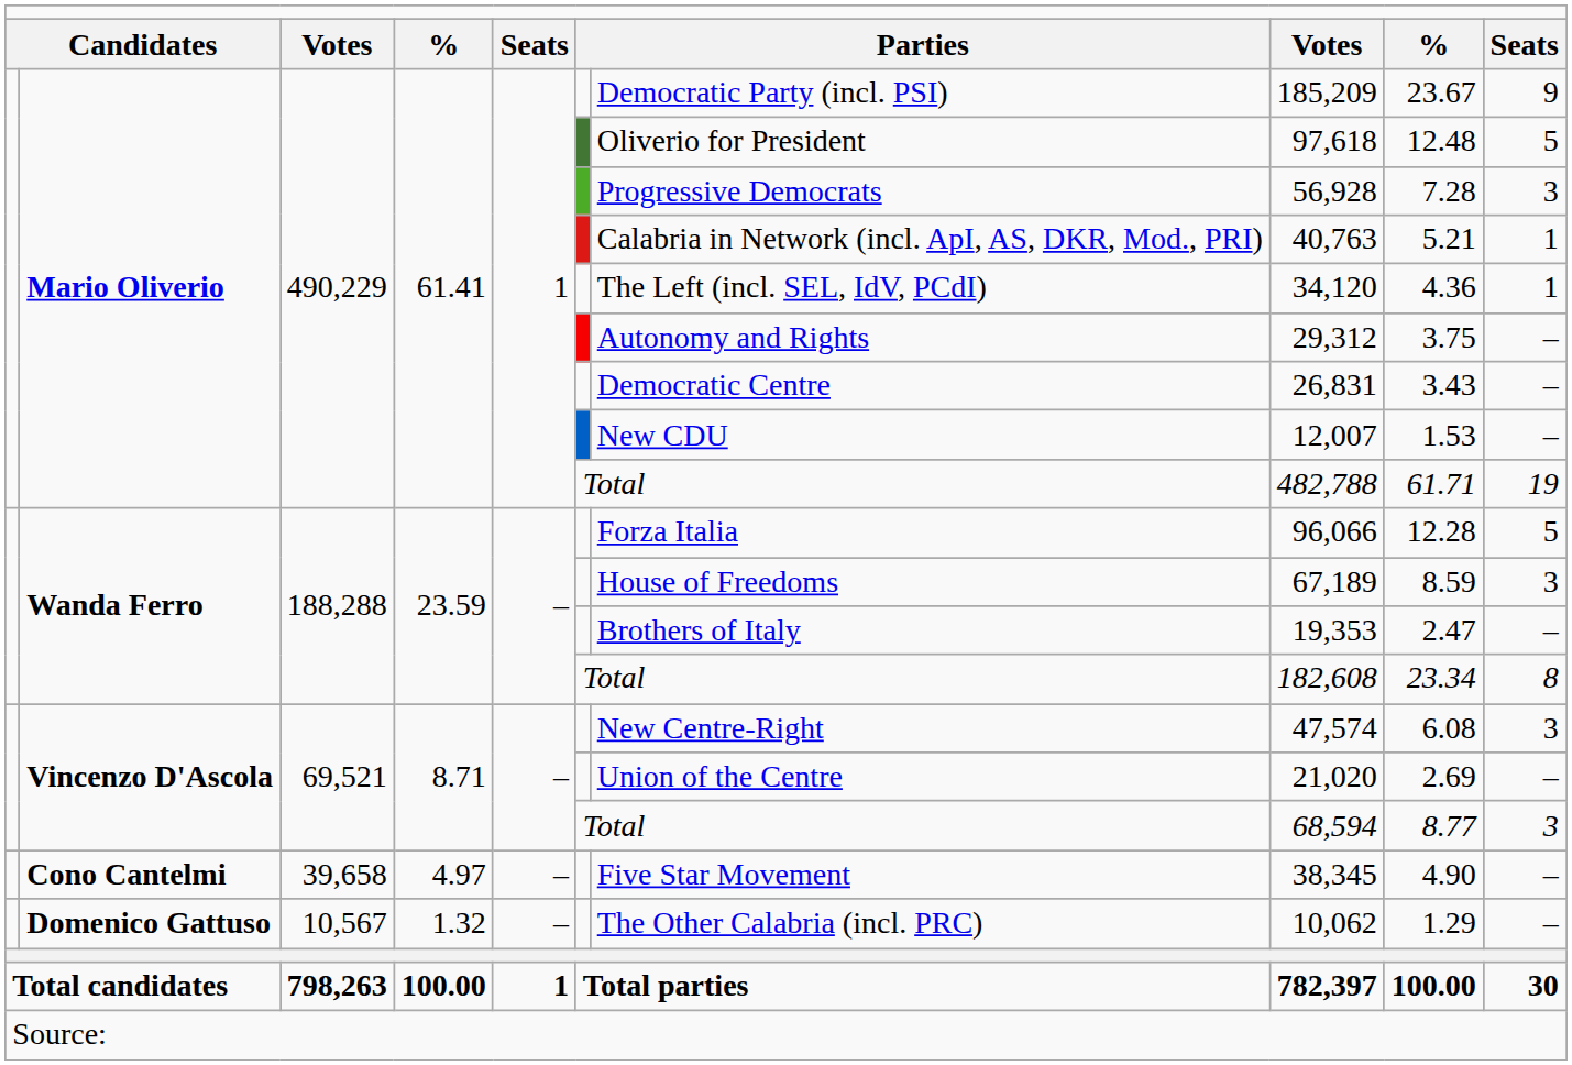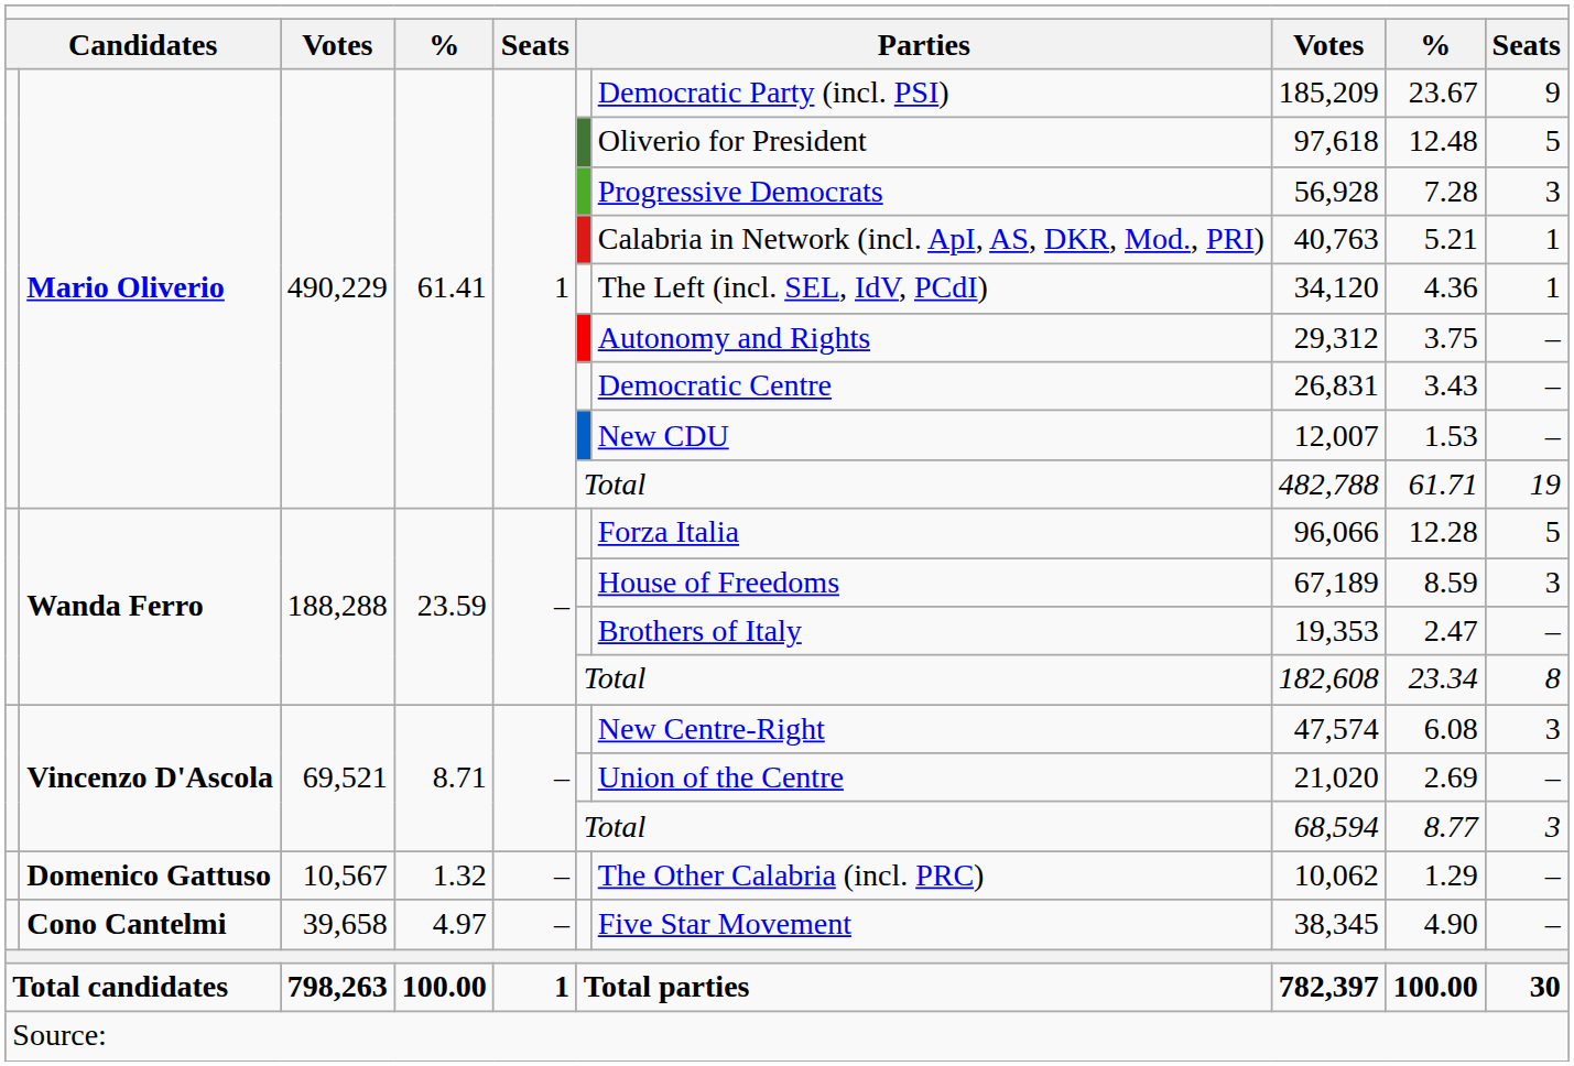 <table class="wikitable">
 <tr>
 <td colspan="10"></td>
 </tr>
 <tr>
 <th colspan="2">Candidates</th>
 <th>Votes</th>
 <th>%</th>
 <th>Seats</th>
 <th colspan="2">Parties</th>
 <th>Votes</th>
 <th>%</th>
 <th>Seats</th>
 </tr>
 <tr>
 <td rowspan="9"></td>
 <td rowspan="9"><strong><a href='#'>Mario Oliverio</a></strong></td>
 <td rowspan="9" align="right">490,229</td>
 <td rowspan="9" align="right">61.41</td>
 <td rowspan="9" align="right">1</td>
 <td></td>
 <td><a href='#'>Democratic Party</a> (incl. <a href='#'>PSI</a>)</td>
 <td align="right">185,209</td>
 <td align="right">23.67</td>
 <td align="right">9</td>
 </tr>
 <tr>
 <td bgcolor="#427635"></td>
 <td>Oliverio for President</td>
 <td align="right">97,618</td>
 <td align="right">12.48</td>
 <td align="right">5</td>
 </tr>
 <tr>
 <td bgcolor="#4CAC27"></td>
 <td><a href='#'>Progressive Democrats</a></td>
 <td align="right">56,928</td>
 <td align="right">7.28</td>
 <td align="right">3</td>
 </tr>
 <tr>
 <td bgcolor="#DC1915"></td>
 <td>Calabria in Network (incl. <a href='#'>ApI</a>, <a href='#'>AS</a>, <a href='#'>DKR</a>, <a href='#'>Mod.</a>, <a href='#'>PRI</a>)</td>
 <td align="right">40,763</td>
 <td align="right">5.21</td>
 <td align="right">1</td>
 </tr>
 <tr>
 <td></td>
 <td>The Left (incl. <a href='#'>SEL</a>, <a href='#'>IdV</a>, <a href='#'>PCdI</a>)</td>
 <td align="right">34,120</td>
 <td align="right">4.36</td>
 <td align="right">1</td>
 </tr>
 <tr>
 <td bgcolor="#F60001"></td>
 <td><a href='#'>Autonomy and Rights</a></td>
 <td align="right">29,312</td>
 <td align="right">3.75</td>
 <td align="right">–</td>
 </tr>
 <tr>
 <td></td>
 <td><a href='#'>Democratic Centre</a></td>
 <td align="right">26,831</td>
 <td align="right">3.43</td>
 <td align="right">–</td>
 </tr>
 <tr>
 <td bgcolor="#0060C6"></td>
 <td><a href='#'>New CDU</a></td>
 <td align="right">12,007</td>
 <td align="right">1.53</td>
 <td align="right">–</td>
 </tr>
 <tr>
 <td colspan="2"><em>Total</em></td>
 <td align="right"><em>482,788</em></td>
 <td align="right"><em>61.71</em></td>
 <td align="right"><em>19</em></td>
 </tr>
 <tr>
 <td rowspan="4"></td>
 <td rowspan="4"><strong>Wanda Ferro</strong></td>
 <td rowspan="4" align="right">188,288</td>
 <td rowspan="4" align="right">23.59</td>
 <td rowspan="4" align="right">–</td>
 <td></td>
 <td><a href='#'>Forza Italia</a></td>
 <td align="right">96,066</td>
 <td align="right">12.28</td>
 <td align="right">5</td>
 </tr>
 <tr>
 <td></td>
 <td><a href='#'>House of Freedoms</a></td>
 <td align="right">67,189</td>
 <td align="right">8.59</td>
 <td align="right">3</td>
 </tr>
 <tr>
 <td></td>
 <td><a href='#'>Brothers of Italy</a></td>
 <td align="right">19,353</td>
 <td align="right">2.47</td>
 <td align="right">–</td>
 </tr>
 <tr>
 <td colspan="2"><em>Total</em></td>
 <td align="right"><em>182,608</em></td>
 <td align="right"><em>23.34</em></td>
 <td align="right"><em>8</em></td>
 </tr>
 <tr>
 <td rowspan="3"></td>
 <td rowspan="3"><strong>Vincenzo D'Ascola</strong></td>
 <td rowspan="3" align="right">69,521</td>
 <td rowspan="3" align="right">8.71</td>
 <td rowspan="3" align="right">–</td>
 <td></td>
 <td><a href='#'>New Centre-Right</a></td>
 <td align="right">47,574</td>
 <td align="right">6.08</td>
 <td align="right">3</td>
 </tr>
 <tr>
 <td></td>
 <td><a href='#'>Union of the Centre</a></td>
 <td align="right">21,020</td>
 <td align="right">2.69</td>
 <td align="right">–</td>
 </tr>
 <tr>
 <td colspan="2"><em>Total</em></td>
 <td align="right"><em>68,594</em></td>
 <td align="right"><em>8.77</em></td>
 <td align="right"><em>3</em></td>
 </tr>
 <tr>
 <td></td>
+<td><strong>Domenico Gattuso</strong></td>
+<td align="right">10,567</td>
+<td align="right">1.32</td>
+<td align="right">–</td>
+<td></td>
+<td><a href='#'>The Other Calabria</a> (incl. <a href='#'>PRC</a>)</td>
+<td align="right">10,062</td>
+<td align="right">1.29</td>
+<td align="right">–</td>
+</tr>
+<tr>
+<td></td>
 <td><strong>Cono Cantelmi</strong></td>
 <td align="right">39,658</td>
 <td align="right">4.97</td>
 <td align="right">–</td>
 <td></td>
 <td><a href='#'>Five Star Movement</a></td>
 <td align="right">38,345</td>
 <td align="right">4.90</td>
-<td align="right">–</td>
-</tr>
-<tr>
-<td></td>
-<td><strong>Domenico Gattuso</strong></td>
-<td align="right">10,567</td>
-<td align="right">1.32</td>
-<td align="right">–</td>
-<td></td>
-<td><a href='#'>The Other Calabria</a> (incl. <a href='#'>PRC</a>)</td>
-<td align="right">10,062</td>
-<td align="right">1.29</td>
 <td align="right">–</td>
 </tr>
 <tr>
 <th colspan="10"></th>
 </tr>
 <tr>
 <td colspan="2"><strong>Total candidates</strong></td>
 <td align="right"><strong>798,263</strong></td>
 <td align="right"><strong>100.00</strong></td>
 <td align="right"><strong>1</strong></td>
 <td colspan="2"><strong>Total parties</strong></td>
 <td align="right"><strong>782,397</strong></td>
 <td align="right"><strong>100.00</strong></td>
 <td align="right"><strong>30</strong></td>
 </tr>
 <tr>
 <td colspan="10">Source: </td>
 </tr>
 </table>
